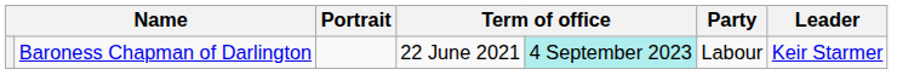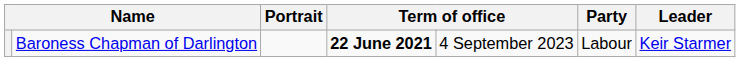 <table class="wikitable" style="text-align:center">
 <tr>
 <th colspan=2>Name</th>
 <th>Portrait</th>
 <th colspan=2>Term of office</th>
 <th>Party</th>
 <th>Leader</th>
 </tr>
 <tr>
 <th style="background-color: "></th>
 <td><a href='#'>Baroness Chapman of Darlington</a></td>
 <td></td>
-<td>22 June 2021</td>
-<td style="background: paleturquoise;">4 September 2023</td>
+<td><strong>22 June 2021</strong></td>
+<td>4 September 2023</td>
 <td>Labour</td>
 <td><a href='#'>Keir Starmer</a></td>
 </tr>
 </table>
